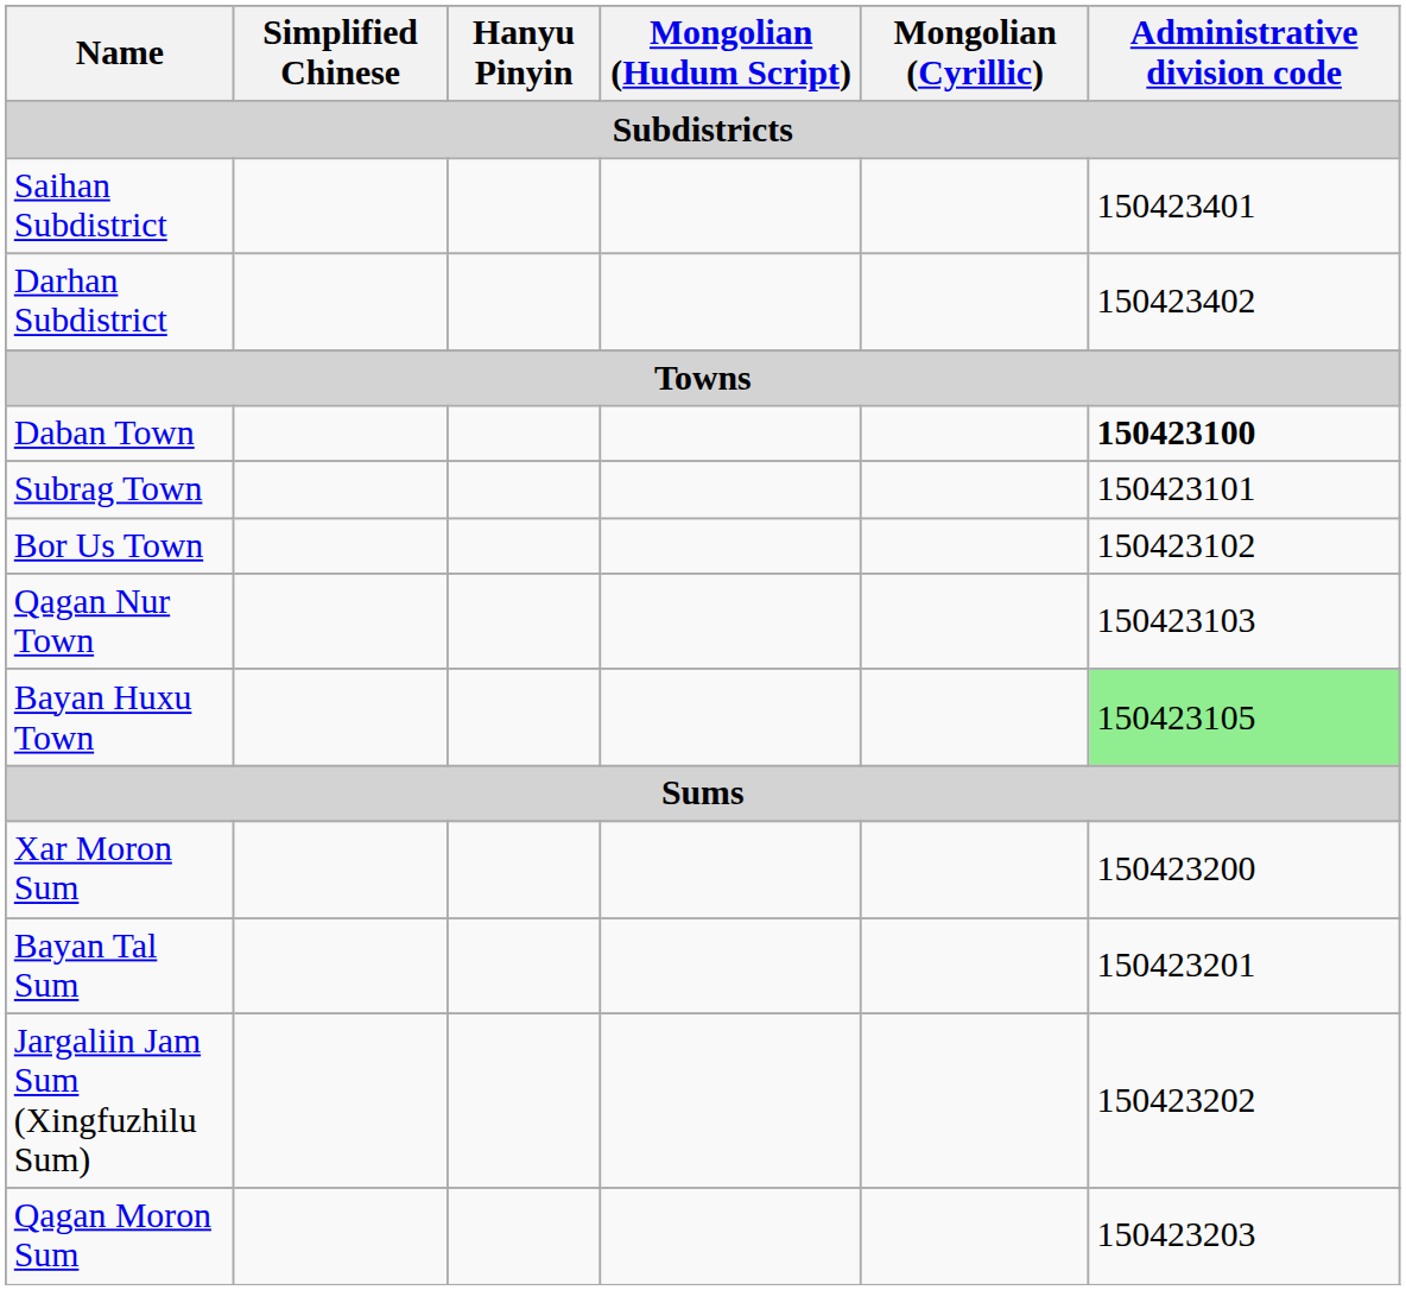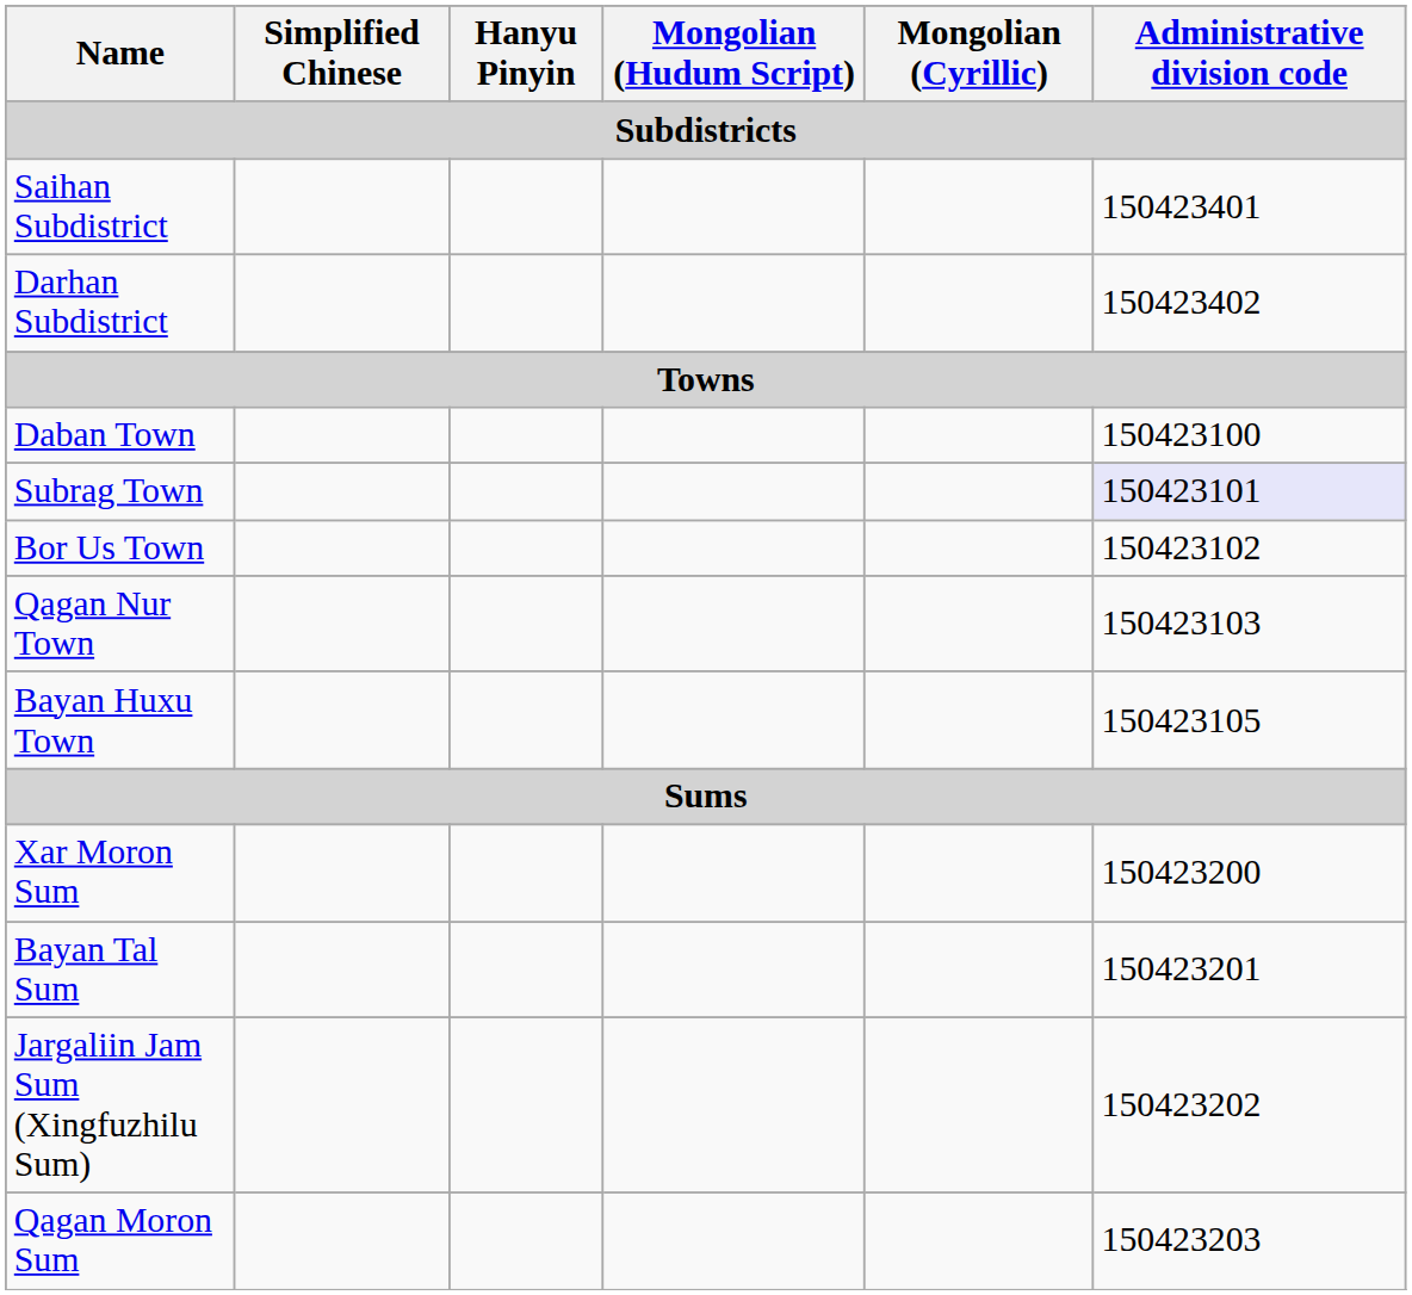 <table class="wikitable" align="center" style="width:50%; border="1">
 <tr>
 <th>Name</th>
 <th>Simplified Chinese</th>
 <th>Hanyu Pinyin</th>
 <th><a href='#'>Mongolian</a> (<a href='#'>Hudum Script</a>)</th>
 <th>Mongolian (<a href='#'>Cyrillic</a>)</th>
 <th><a href='#'>Administrative division code</a></th>
 </tr>
 <tr>
 <td colspan="6"  style="text-align:center; background:#d3d3d3;"><strong>Subdistricts</strong></td>
 </tr>
 <tr --------->
 <td><a href='#'>Saihan Subdistrict</a></td>
 <td></td>
 <td></td>
 <td></td>
 <td></td>
 <td>150423401</td>
 </tr>
 <tr>
 <td><a href='#'>Darhan Subdistrict</a></td>
 <td></td>
 <td></td>
 <td></td>
 <td></td>
 <td>150423402</td>
 </tr>
 <tr>
 <td colspan="6"  style="text-align:center; background:#d3d3d3;"><strong>Towns</strong></td>
 </tr>
 <tr --------->
 <td><a href='#'>Daban Town</a></td>
 <td></td>
 <td></td>
 <td></td>
 <td></td>
-<td><strong>150423100</strong></td>
+<td>150423100</td>
 </tr>
 <tr>
 <td><a href='#'>Subrag Town</a></td>
 <td></td>
 <td></td>
 <td></td>
 <td></td>
-<td>150423101</td>
+<td style="background: lavender;">150423101</td>
 </tr>
 <tr>
 <td><a href='#'>Bor Us Town</a></td>
 <td></td>
 <td></td>
 <td></td>
 <td></td>
 <td>150423102</td>
 </tr>
 <tr>
 <td><a href='#'>Qagan Nur Town</a></td>
 <td></td>
 <td></td>
 <td></td>
 <td></td>
 <td>150423103</td>
 </tr>
 <tr>
 <td><a href='#'>Bayan Huxu Town</a></td>
 <td></td>
 <td></td>
 <td></td>
 <td></td>
-<td style="background: lightgreen;">150423105</td>
+<td>150423105</td>
 </tr>
 <tr>
 <td colspan="6"  style="text-align:center; background:#d3d3d3;"><strong>Sums</strong></td>
 </tr>
 <tr --------->
 <td><a href='#'>Xar Moron Sum</a></td>
 <td></td>
 <td></td>
 <td></td>
 <td></td>
 <td>150423200</td>
 </tr>
 <tr>
 <td><a href='#'>Bayan Tal Sum</a></td>
 <td></td>
 <td></td>
 <td></td>
 <td></td>
 <td>150423201</td>
 </tr>
 <tr>
 <td><a href='#'>Jargaliin Jam Sum</a><br>(Xingfuzhilu Sum)</td>
 <td></td>
 <td></td>
 <td></td>
 <td></td>
 <td>150423202</td>
 </tr>
 <tr>
 <td><a href='#'>Qagan Moron Sum</a></td>
 <td></td>
 <td></td>
 <td></td>
 <td></td>
 <td>150423203</td>
 </tr>
 <tr>
 </tr>
 </table>
